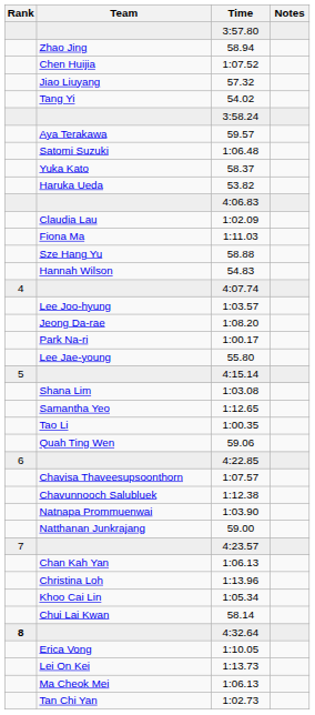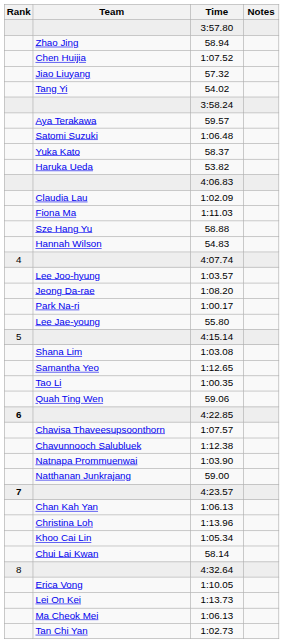 <table class="wikitable" style="text-align:center">
 <tr>
 <th width=40>Rank</th>
 <th width=250>Team</th>
 <th width=80>Time</th>
 <th width=50>Notes</th>
 </tr>
 <tr bgcolor=eeeeee>
 <td></td>
 <td align=left></td>
 <td>3:57.80</td>
 <td></td>
 </tr>
 <tr>
 <td></td>
 <td align=left><a href='#'>Zhao Jing</a></td>
 <td>58.94</td>
 <td></td>
 </tr>
 <tr>
 <td></td>
 <td align=left><a href='#'>Chen Huijia</a></td>
 <td>1:07.52</td>
 <td></td>
 </tr>
 <tr>
 <td></td>
 <td align=left><a href='#'>Jiao Liuyang</a></td>
 <td>57.32</td>
 <td></td>
 </tr>
 <tr>
 <td></td>
 <td align=left><a href='#'>Tang Yi</a></td>
 <td>54.02</td>
 <td></td>
 </tr>
 <tr bgcolor=eeeeee>
 <td></td>
 <td align=left></td>
 <td>3:58.24</td>
 <td></td>
 </tr>
 <tr>
 <td></td>
 <td align=left><a href='#'>Aya Terakawa</a></td>
 <td>59.57</td>
 <td></td>
 </tr>
 <tr>
 <td></td>
 <td align=left><a href='#'>Satomi Suzuki</a></td>
 <td>1:06.48</td>
 <td></td>
 </tr>
 <tr>
 <td></td>
 <td align=left><a href='#'>Yuka Kato</a></td>
 <td>58.37</td>
 <td></td>
 </tr>
 <tr>
 <td></td>
 <td align=left><a href='#'>Haruka Ueda</a></td>
 <td>53.82</td>
 <td></td>
 </tr>
 <tr bgcolor=eeeeee>
 <td></td>
 <td align=left></td>
 <td>4:06.83</td>
 <td></td>
 </tr>
 <tr>
 <td></td>
 <td align=left><a href='#'>Claudia Lau</a></td>
 <td>1:02.09</td>
 <td></td>
 </tr>
 <tr>
 <td></td>
 <td align=left><a href='#'>Fiona Ma</a></td>
 <td>1:11.03</td>
 <td></td>
 </tr>
 <tr>
 <td></td>
 <td align=left><a href='#'>Sze Hang Yu</a></td>
 <td>58.88</td>
 <td></td>
 </tr>
 <tr>
 <td></td>
 <td align=left><a href='#'>Hannah Wilson</a></td>
 <td>54.83</td>
 <td></td>
 </tr>
 <tr bgcolor=eeeeee>
 <td>4</td>
 <td align=left></td>
 <td>4:07.74</td>
 <td></td>
 </tr>
 <tr>
 <td></td>
 <td align=left><a href='#'>Lee Joo-hyung</a></td>
 <td>1:03.57</td>
 <td></td>
 </tr>
 <tr>
 <td></td>
 <td align=left><a href='#'>Jeong Da-rae</a></td>
 <td>1:08.20</td>
 <td></td>
 </tr>
 <tr>
 <td></td>
 <td align=left><a href='#'>Park Na-ri</a></td>
 <td>1:00.17</td>
 <td></td>
 </tr>
 <tr>
 <td></td>
 <td align=left><a href='#'>Lee Jae-young</a></td>
 <td>55.80</td>
 <td></td>
 </tr>
 <tr bgcolor=eeeeee>
 <td>5</td>
 <td align=left></td>
 <td>4:15.14</td>
 <td></td>
 </tr>
 <tr>
 <td></td>
 <td align=left><a href='#'>Shana Lim</a></td>
 <td>1:03.08</td>
 <td></td>
 </tr>
 <tr>
 <td></td>
 <td align=left><a href='#'>Samantha Yeo</a></td>
 <td>1:12.65</td>
 <td></td>
 </tr>
 <tr>
 <td></td>
 <td align=left><a href='#'>Tao Li</a></td>
 <td>1:00.35</td>
 <td></td>
 </tr>
 <tr>
 <td></td>
 <td align=left><a href='#'>Quah Ting Wen</a></td>
 <td>59.06</td>
 <td></td>
 </tr>
 <tr bgcolor=eeeeee>
-<td>6</td>
+<td><strong>6</strong></td>
 <td align=left></td>
 <td>4:22.85</td>
 <td></td>
 </tr>
 <tr>
 <td></td>
 <td align=left><a href='#'>Chavisa Thaveesupsoonthorn</a></td>
 <td>1:07.57</td>
 <td></td>
 </tr>
 <tr>
 <td></td>
 <td align=left><a href='#'>Chavunnooch Salubluek</a></td>
 <td>1:12.38</td>
 <td></td>
 </tr>
 <tr>
 <td></td>
 <td align=left><a href='#'>Natnapa Prommuenwai</a></td>
 <td>1:03.90</td>
 <td></td>
 </tr>
 <tr>
 <td></td>
 <td align=left><a href='#'>Natthanan Junkrajang</a></td>
 <td>59.00</td>
 <td></td>
 </tr>
 <tr bgcolor=eeeeee>
-<td>7</td>
+<td><strong>7</strong></td>
 <td align=left></td>
 <td>4:23.57</td>
 <td></td>
 </tr>
 <tr>
 <td></td>
 <td align=left><a href='#'>Chan Kah Yan</a></td>
 <td>1:06.13</td>
 <td></td>
 </tr>
 <tr>
 <td></td>
 <td align=left><a href='#'>Christina Loh</a></td>
 <td>1:13.96</td>
 <td></td>
 </tr>
 <tr>
 <td></td>
 <td align=left><a href='#'>Khoo Cai Lin</a></td>
 <td>1:05.34</td>
 <td></td>
 </tr>
 <tr>
 <td></td>
 <td align=left><a href='#'>Chui Lai Kwan</a></td>
 <td>58.14</td>
 <td></td>
 </tr>
 <tr bgcolor=eeeeee>
-<td><strong>8</strong></td>
+<td>8</td>
 <td align=left></td>
 <td>4:32.64</td>
 <td></td>
 </tr>
 <tr>
 <td></td>
 <td align=left><a href='#'>Erica Vong</a></td>
 <td>1:10.05</td>
 <td></td>
 </tr>
 <tr>
 <td></td>
 <td align=left><a href='#'>Lei On Kei</a></td>
 <td>1:13.73</td>
 <td></td>
 </tr>
 <tr>
 <td></td>
 <td align=left><a href='#'>Ma Cheok Mei</a></td>
 <td>1:06.13</td>
 <td></td>
 </tr>
 <tr>
 <td></td>
 <td align=left><a href='#'>Tan Chi Yan</a></td>
 <td>1:02.73</td>
 <td></td>
 </tr>
 </table>
